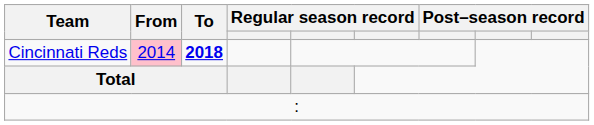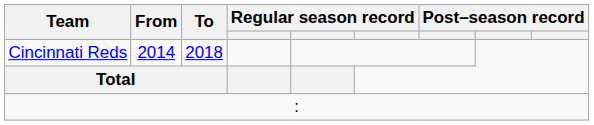 <table class="wikitable" Style="text-align: center">
 <tr>
 <th rowspan="2">Team</th>
 <th rowspan="2">From</th>
 <th rowspan="2">To</th>
 <th colspan="3">Regular season record</th>
 <th colspan="3">Post–season record</th>
 </tr>
 <tr>
 <th></th>
 <th></th>
 <th></th>
 <th></th>
 <th></th>
 <th></th>
 </tr>
 <tr>
 <td><a href='#'>Cincinnati Reds</a></td>
-<td style="background: pink;"><a href='#'>2014</a></td>
-<td><strong><a href='#'>2018</a></strong></td>
+<td><a href='#'>2014</a></td>
+<td><a href='#'>2018</a></td>
 <td></td>
 <td colspan="3"></td>
 </tr>
 <tr>
 <th colspan="3">Total</th>
 <th></th>
 <th></th>
 </tr>
 <tr>
 <td colspan="9">:</td>
 </tr>
 </table>
